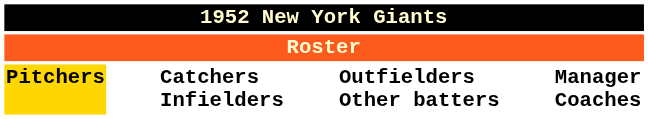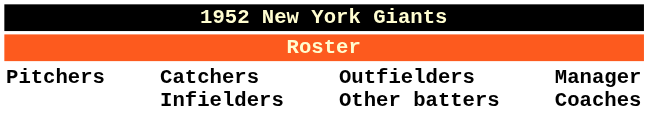 <table class="toccolours" style="font-size: 95%;">
 <tr>
 <th colspan="10" style="background-color: black; color: #FFFDD0; text-align: center;">1952 New York Giants</th>
 </tr>
 <tr>
 <td colspan="10" style="background-color: #fd5a1e; color: #FFFDD0; text-align: center;"><strong>Roster</strong></td>
 </tr>
 <tr>
-<td valign="top" style="background: gold;"><strong>Pitchers</strong><br>              </td>
+<td valign="top"><strong>Pitchers</strong><br>              </td>
 <td width="25px"></td>
 <td valign="top"><strong>Catchers</strong><br>    <strong>Infielders</strong>       </td>
 <td width="25px"></td>
 <td valign="top"><strong>Outfielders</strong><br>          <strong>Other batters</strong> </td>
 <td width="25px"></td>
 <td valign="top"><strong>Manager</strong><br> <strong>Coaches</strong>   </td>
 </tr>
 <tr>
 </tr>
 </table>
